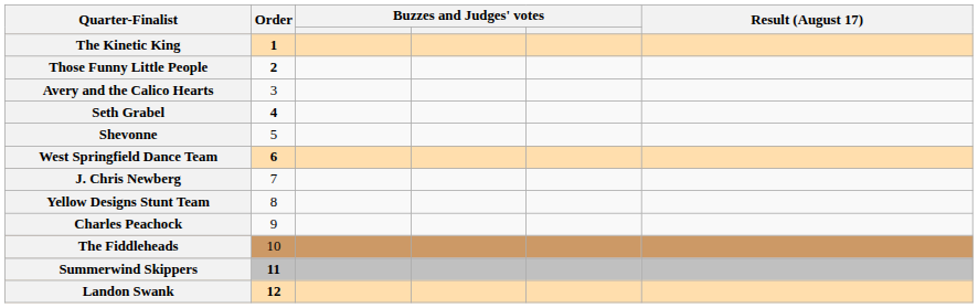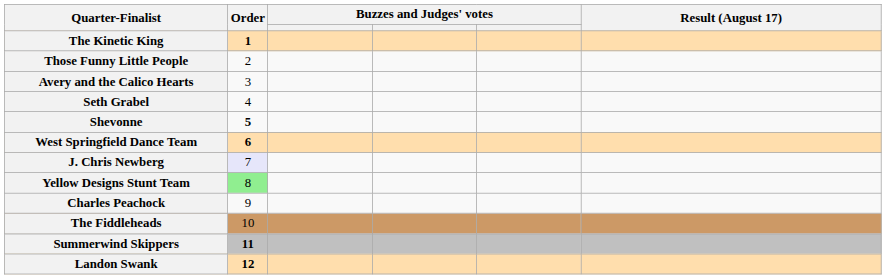 <table class="wikitable plainrowheaders sortable" style="text-align:center;">
 <tr>
 <th scope="col" rowspan="2" class="unsortable" style="width:17em;">Quarter-Finalist</th>
 <th scope="col" rowspan="2" style="width:1em;">Order</th>
 <th scope="col" colspan="3" class="unsortable" style="width:24em;">Buzzes and Judges' votes</th>
 <th scope="col" rowspan="2" style="width:23em;">Result (August 17)</th>
 </tr>
 <tr>
 <th scope="col" class="unsortable" style="width:6em;"></th>
 <th scope="col" class="unsortable" style="width:6em;"></th>
 <th scope="col" class="unsortable" style="width:6em;"></th>
 </tr>
 <tr style="background:NavajoWhite;">
 <th scope="row"><strong>The Kinetic King</strong></th>
 <td><strong>1</strong></td>
 <td style="text-align:center;"></td>
 <td style="text-align:center;"></td>
 <td style="text-align:center;"></td>
 <td><strong></strong></td>
 </tr>
 <tr>
 <th scope="row">Those Funny Little People</th>
-<td><strong>2</strong></td>
+<td>2</td>
 <td style="text-align:center;"></td>
 <td style="text-align:center;"></td>
 <td style="text-align:center;"></td>
 <td></td>
 </tr>
 <tr>
 <th scope="row">Avery and the Calico Hearts</th>
 <td>3</td>
 <td style="text-align:center;"></td>
 <td style="text-align:center;"></td>
 <td style="text-align:center;"></td>
 <td></td>
 </tr>
 <tr>
 <th scope="row">Seth Grabel</th>
-<td><strong>4</strong></td>
+<td>4</td>
 <td style="text-align:center;"></td>
 <td style="text-align:center;"></td>
 <td style="text-align:center;"></td>
 <td></td>
 </tr>
 <tr>
 <th scope="row">Shevonne</th>
-<td>5</td>
+<td><strong>5</strong></td>
 <td style="text-align:center;"></td>
 <td style="text-align:center;"></td>
 <td style="text-align:center;"></td>
 <td></td>
 </tr>
 <tr style="background:NavajoWhite;">
 <th scope="row"><strong>West Springfield Dance Team</strong></th>
 <td><strong>6</strong></td>
 <td style="text-align:center;"></td>
 <td style="text-align:center;"></td>
 <td style="text-align:center;"></td>
 <td><strong></strong></td>
 </tr>
 <tr>
 <th scope="row">J. Chris Newberg</th>
-<td>7</td>
+<td style="background: lavender;">7</td>
 <td style="text-align:center;"></td>
 <td style="text-align:center;"></td>
 <td style="text-align:center;"></td>
 <td></td>
 </tr>
 <tr>
 <th scope="row">Yellow Designs Stunt Team</th>
-<td>8</td>
+<td style="background: lightgreen;">8</td>
 <td style="text-align:center;"></td>
 <td style="text-align:center;"></td>
 <td style="text-align:center;"></td>
 <td></td>
 </tr>
 <tr>
 <th scope="row">Charles Peachock</th>
 <td>9</td>
 <td style="text-align:center;"></td>
 <td style="text-align:center;"></td>
 <td style="text-align:center;"></td>
 <td></td>
 </tr>
 <tr style="background:#c96;">
 <th scope="row">The Fiddleheads</th>
 <td>10</td>
 <td style="text-align:center;"></td>
 <td style="text-align:center;"></td>
 <td style="text-align:center;"></td>
 <td></td>
 </tr>
 <tr style="background:Silver;">
 <th scope="row"><strong>Summerwind Skippers</strong></th>
 <td><strong>11</strong></td>
 <td style="text-align:center;"></td>
 <td style="text-align:center;"></td>
 <td style="text-align:center;"></td>
 <td><strong></strong></td>
 </tr>
 <tr style="background:NavajoWhite;">
 <th scope="row"><strong>Landon Swank</strong></th>
 <td><strong>12</strong></td>
 <td style="text-align:center;"></td>
 <td style="text-align:center;"></td>
 <td style="text-align:center;"></td>
 <td><strong></strong></td>
 </tr>
 </table>
